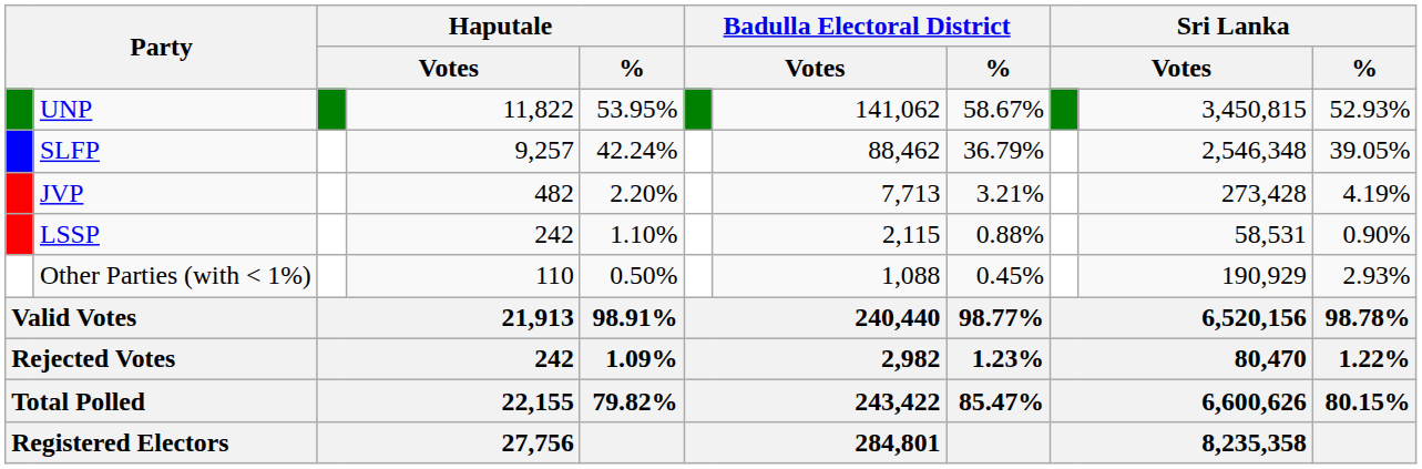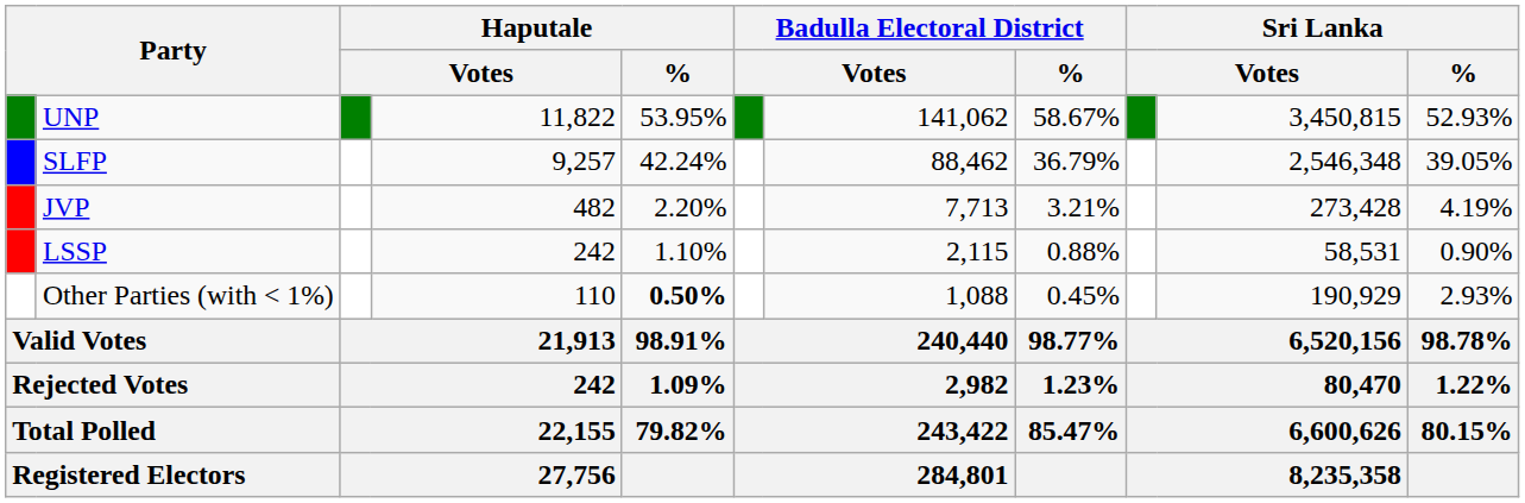 <table class="wikitable">
 <tr>
 <th colspan="2" width="144px"rowspan="2">Party</th>
 <th colspan="3" width="216px">Haputale</th>
 <th colspan="3" width="216px"><a href='#'>Badulla Electoral District</a></th>
 <th colspan="3" width="216px">Sri Lanka</th>
 </tr>
 <tr>
 <th colspan="2" width="144px">Votes</th>
 <th>%</th>
 <th colspan="2" width="144px">Votes</th>
 <th>%</th>
 <th colspan="2" width="144px">Votes</th>
 <th>%</th>
 </tr>
 <tr>
 <td style="background-color:green;" width="10px"></td>
 <td style="text-align:left;"><a href='#'>UNP</a></td>
 <td style="background-color:green;" width="10px"></td>
 <td style="text-align:right;">11,822</td>
 <td style="text-align:right;">53.95%</td>
 <td style="background-color:green;" width="10px"></td>
 <td style="text-align:right;">141,062</td>
 <td style="text-align:right;">58.67%</td>
 <td style="background-color:green;" width="10px"></td>
 <td style="text-align:right;">3,450,815</td>
 <td style="text-align:right;">52.93%</td>
 </tr>
 <tr>
 <td style="background-color:blue;" width="10px"></td>
 <td style="text-align:left;"><a href='#'>SLFP</a></td>
 <td style="background-color:white;" width="10px"></td>
 <td style="text-align:right;">9,257</td>
 <td style="text-align:right;">42.24%</td>
 <td style="background-color:white;" width="10px"></td>
 <td style="text-align:right;">88,462</td>
 <td style="text-align:right;">36.79%</td>
 <td style="background-color:white;" width="10px"></td>
 <td style="text-align:right;">2,546,348</td>
 <td style="text-align:right;">39.05%</td>
 </tr>
 <tr>
 <td style="background-color:red;" width="10px"></td>
 <td style="text-align:left;"><a href='#'>JVP</a></td>
 <td style="background-color:white;" width="10px"></td>
 <td style="text-align:right;">482</td>
 <td style="text-align:right;">2.20%</td>
 <td style="background-color:white;" width="10px"></td>
 <td style="text-align:right;">7,713</td>
 <td style="text-align:right;">3.21%</td>
 <td style="background-color:white;" width="10px"></td>
 <td style="text-align:right;">273,428</td>
 <td style="text-align:right;">4.19%</td>
 </tr>
 <tr>
 <td style="background-color:red;" width="10px"></td>
 <td style="text-align:left;"><a href='#'>LSSP</a></td>
 <td style="background-color:white;" width="10px"></td>
 <td style="text-align:right;">242</td>
 <td style="text-align:right;">1.10%</td>
 <td style="background-color:white;" width="10px"></td>
 <td style="text-align:right;">2,115</td>
 <td style="text-align:right;">0.88%</td>
 <td style="background-color:white;" width="10px"></td>
 <td style="text-align:right;">58,531</td>
 <td style="text-align:right;">0.90%</td>
 </tr>
 <tr>
 <td style="background-color:white;" width="10px"></td>
 <td style="text-align:left;">Other Parties (with < 1%)</td>
 <td style="background-color:white;" width="10px"></td>
 <td style="text-align:right;">110</td>
-<td style="text-align:right;">0.50%</td>
+<td style="text-align:right;"><strong>0.50%</strong></td>
 <td style="background-color:white;" width="10px"></td>
 <td style="text-align:right;">1,088</td>
 <td style="text-align:right;">0.45%</td>
 <td style="background-color:white;" width="10px"></td>
 <td style="text-align:right;">190,929</td>
 <td style="text-align:right;">2.93%</td>
 </tr>
 <tr>
 <th colspan="2" width="144px"style="text-align:left;">Valid Votes</th>
 <th style="text-align:right;"colspan="2" width="144px">21,913</th>
 <th style="text-align:right;">98.91%</th>
 <th style="text-align:right;"colspan="2" width="144px">240,440</th>
 <th style="text-align:right;">98.77%</th>
 <th style="text-align:right;"colspan="2" width="144px">6,520,156</th>
 <th style="text-align:right;">98.78%</th>
 </tr>
 <tr>
 <th colspan="2" width="144px"style="text-align:left;">Rejected Votes</th>
 <th style="text-align:right;"colspan="2" width="144px">242</th>
 <th style="text-align:right;">1.09%</th>
 <th style="text-align:right;"colspan="2" width="144px">2,982</th>
 <th style="text-align:right;">1.23%</th>
 <th style="text-align:right;"colspan="2" width="144px">80,470</th>
 <th style="text-align:right;">1.22%</th>
 </tr>
 <tr>
 <th colspan="2" width="144px"style="text-align:left;">Total Polled</th>
 <th style="text-align:right;"colspan="2" width="144px">22,155</th>
 <th style="text-align:right;">79.82%</th>
 <th style="text-align:right;"colspan="2" width="144px">243,422</th>
 <th style="text-align:right;">85.47%</th>
 <th style="text-align:right;"colspan="2" width="144px">6,600,626</th>
 <th style="text-align:right;">80.15%</th>
 </tr>
 <tr>
 <th colspan="2" width="144px"style="text-align:left;">Registered Electors</th>
 <th style="text-align:right;"colspan="2" width="144px">27,756</th>
 <th></th>
 <th style="text-align:right;"colspan="2" width="144px">284,801</th>
 <th></th>
 <th style="text-align:right;"colspan="2" width="144px">8,235,358</th>
 <th></th>
 </tr>
 </table>
